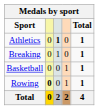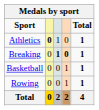 <table class="wikitable" style=font-size:85%;float:center;text-align:center>
 <tr style="background:#efefef;">
 <th colspan=5><strong>Medals by sport</strong></th>
 </tr>
 <tr align=center>
 <td><strong>Sport</strong></td>
 <td bgcolor=#f7f6a8></td>
 <td bgcolor=#dce5e5></td>
 <td bgcolor=#ffdab9></td>
 <td><strong>Total</strong></td>
 </tr>
 <tr align=center>
 <td><a href='#'>Athletics</a></td>
-<td style="background:#F7F6A8;">0</td>
-<td style="background:#DCE5E5;"><strong>1</strong></td>
+<td style="background:#F7F6A8;"><strong>0</strong></td>
+<td style="background:#DCE5E5;">1</td>
 <td style="background:#FFDAB9;">0</td>
 <td><strong>1</strong></td>
 </tr>
 <tr align=center>
 <td><a href='#'>Breaking</a></td>
 <td style="background:#F7F6A8;">0</td>
-<td style="background:#DCE5E5;">1</td>
-<td style="background:#FFDAB9;">0</td>
+<td style="background:#DCE5E5;"><strong>1</strong></td>
+<td style="background:#FFDAB9;"><strong>0</strong></td>
 <td><strong>1</strong></td>
 </tr>
 <tr align=center>
 <td><a href='#'>Basketball</a></td>
 <td style="background:#F7F6A8;">0</td>
 <td style="background:#DCE5E5;">0</td>
 <td style="background:#FFDAB9;">1</td>
 <td><strong>1</strong></td>
 </tr>
 <tr align=center>
 <td><a href='#'>Rowing</a></td>
-<td style="background:#F7F6A8;"><strong>0</strong></td>
+<td style="background:#F7F6A8;">0</td>
 <td style="background:#DCE5E5;">0</td>
 <td style="background:#FFDAB9;">1</td>
 <td><strong>1</strong></td>
 </tr>
 <tr align=center>
 <th><strong>Total</strong></th>
 <th style="background:gold;"><strong>0</strong></th>
 <th style="background:silver;"><strong>2</strong></th>
 <th style="background:#c96;"><strong>2</strong></th>
 <th><strong>4</strong></th>
 </tr>
 </table>
